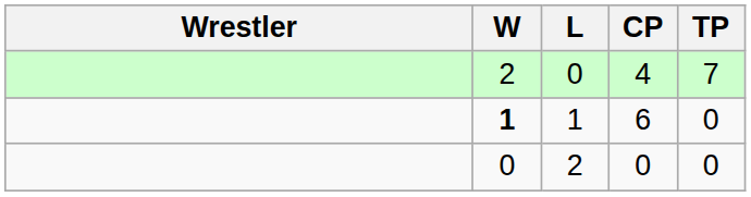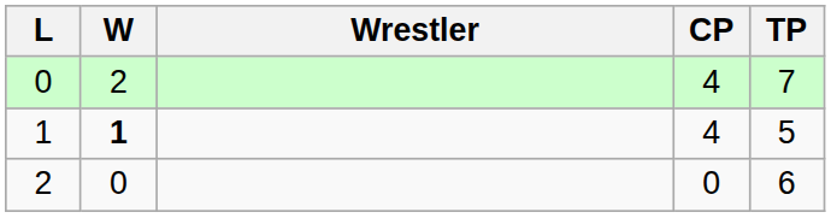 <table class="wikitable" style="text-align: center;" |>
 <tr>
+<th width="30">L</th>
+<th width="30">W</th>
 <th width="250">Wrestler</th>
-<th width="30">W</th>
-<th width="30">L</th>
 <th width="30">CP</th>
 <th width="30">TP</th>
 </tr>
 <tr bgcolor="ccffcc">
+<td>0</td>
+<td>2</td>
 <td style="text-align:left;"></td>
-<td>2</td>
-<td>0</td>
 <td>4</td>
 <td>7</td>
 </tr>
 <tr>
+<td>1</td>
+<td><strong>1</strong></td>
 <td style="text-align:left;"></td>
-<td><strong>1</strong></td>
-<td>1</td>
-<td>6</td>
-<td>0</td>
+<td>4</td>
+<td>5</td>
 </tr>
 <tr>
+<td>2</td>
+<td>0</td>
 <td style="text-align:left;"></td>
 <td>0</td>
-<td>2</td>
-<td>0</td>
-<td>0</td>
+<td>6</td>
 </tr>
 </table>
